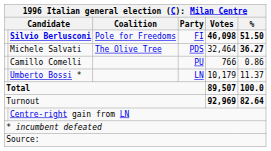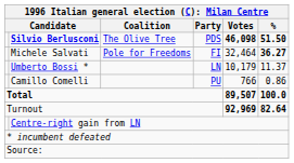 <table class=wikitable style=text-align:right>
 <tr>
 <th colspan=6>1996 Italian general election (<a href='#'>C</a>): <a href='#'>Milan Centre</a></th>
 </tr>
 <tr>
 <th colspan=2>Candidate</th>
 <th>Coalition</th>
 <th>Party</th>
 <th>Votes</th>
 <th>%</th>
 </tr>
 <tr>
 <td></td>
 <td align=left><strong><a href='#'>Silvio Berlusconi</a></strong></td>
-<td align=left><a href='#'>Pole for Freedoms</a></td>
-<td><a href='#'>FI</a></td>
+<td align=left><a href='#'>The Olive Tree</a></td>
+<td><a href='#'>PDS</a></td>
 <td><strong>46,098</strong></td>
 <td><strong>51.50</strong></td>
 </tr>
 <tr>
 <td></td>
 <td align=left>Michele Salvati</td>
-<td align=left><a href='#'>The Olive Tree</a></td>
-<td><a href='#'>PDS</a></td>
+<td align=left><a href='#'>Pole for Freedoms</a></td>
+<td><a href='#'>FI</a></td>
 <td>32,464</td>
 <td><strong>36.27</strong></td>
+</tr>
+<tr>
+<td></td>
+<td align=left><a href='#'>Umberto Bossi</a> *</td>
+<td></td>
+<td><a href='#'>LN</a></td>
+<td>10,179</td>
+<td>11.37</td>
 </tr>
 <tr>
 <td></td>
 <td align=left>Camillo Comelli</td>
 <td></td>
 <td><a href='#'>PU</a></td>
 <td>766</td>
 <td>0.86</td>
-</tr>
-<tr>
-<td></td>
-<td align=left><a href='#'>Umberto Bossi</a> *</td>
-<td></td>
-<td><a href='#'>LN</a></td>
-<td>10,179</td>
-<td>11.37</td>
 </tr>
 <tr>
 <td align=left colspan=4><strong>Total</strong></td>
 <td><strong>89,507</strong></td>
 <td><strong>100.0</strong></td>
 </tr>
 <tr>
 <td align=left colspan=4>Turnout</td>
 <td><strong>92,969</strong></td>
 <td><strong>82.64</strong></td>
 </tr>
 <tr>
 <td></td>
 <td align=left colspan=5><a href='#'>Centre-right</a> gain from <a href='#'>LN</a></td>
 </tr>
 <tr>
 <td align=left colspan=6>* <em>incumbent defeated</em></td>
 </tr>
 <tr>
 <td align=left colspan=6>Source: </td>
 </tr>
 </table>
